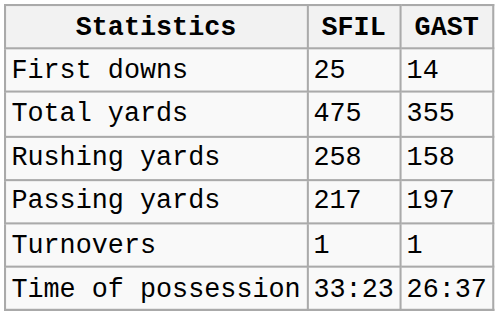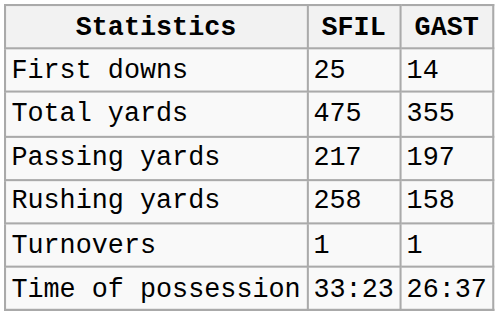 <table class="wikitable">
 <tr>
 <th>Statistics</th>
 <th>SFIL</th>
 <th>GAST</th>
 </tr>
 <tr>
 <td>First downs</td>
 <td>25</td>
 <td>14</td>
 </tr>
 <tr>
 <td>Total yards</td>
 <td>475</td>
 <td>355</td>
 </tr>
 <tr>
+<td>Passing yards</td>
+<td>217</td>
+<td>197</td>
+</tr>
+<tr>
 <td>Rushing yards</td>
 <td>258</td>
 <td>158</td>
-</tr>
-<tr>
-<td>Passing yards</td>
-<td>217</td>
-<td>197</td>
 </tr>
 <tr>
 <td>Turnovers</td>
 <td>1</td>
 <td>1</td>
 </tr>
 <tr>
 <td>Time of possession</td>
 <td>33:23</td>
 <td>26:37</td>
 </tr>
 <tr>
 </tr>
 </table>
